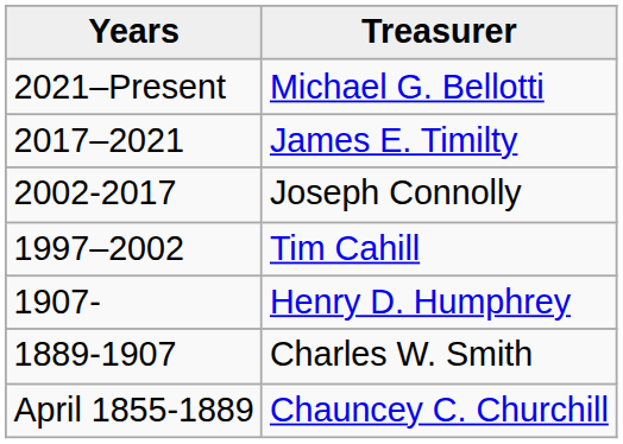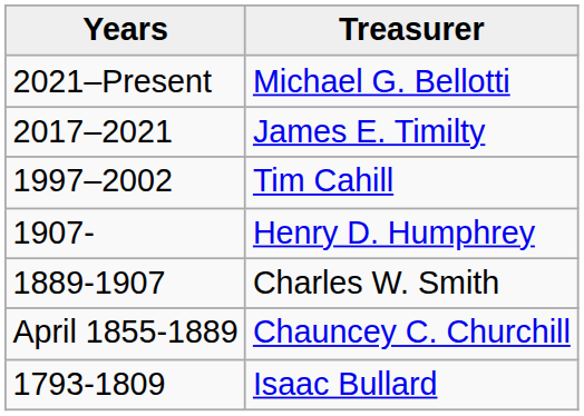 <table class="wikitable" margin-left:1em">
 <tr>
 <th style="background:#efefef;">Years</th>
 <th style="background:#efefef">Treasurer</th>
 </tr>
 <tr>
 <td>2021–Present</td>
 <td><a href='#'>Michael G. Bellotti</a></td>
 </tr>
 <tr>
 <td>2017–2021</td>
 <td><a href='#'>James E. Timilty</a></td>
-</tr>
-<tr>
-<td>2002-2017</td>
-<td>Joseph Connolly</td>
 </tr>
 <tr>
 <td>1997–2002</td>
 <td><a href='#'>Tim Cahill</a></td>
 </tr>
 <tr>
 <td>1907-</td>
 <td><a href='#'>Henry D. Humphrey</a></td>
 </tr>
 <tr>
 <td>1889-1907</td>
 <td>Charles W. Smith</td>
 </tr>
 <tr>
 <td>April 1855-1889</td>
 <td><a href='#'>Chauncey C. Churchill</a></td>
 </tr>
+<tr>
+<td>1793-1809</td>
+<td><a href='#'>Isaac Bullard</a></td>
+</tr>
 </table>
